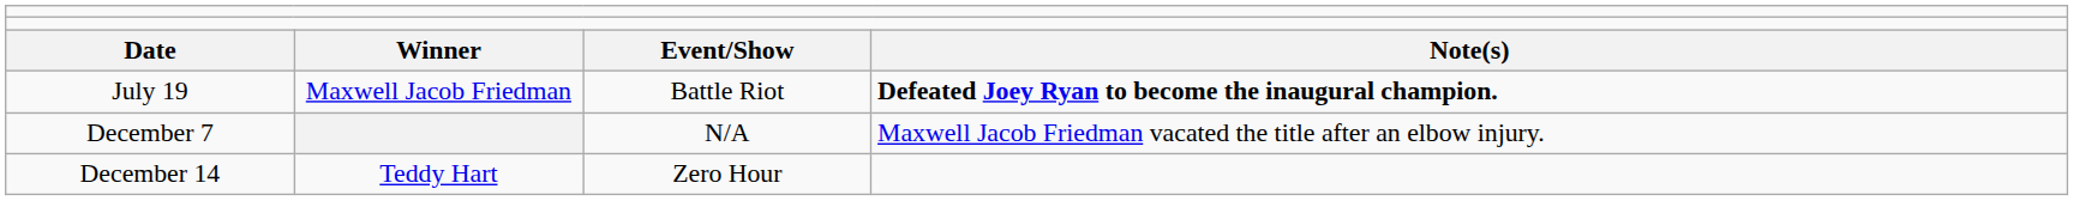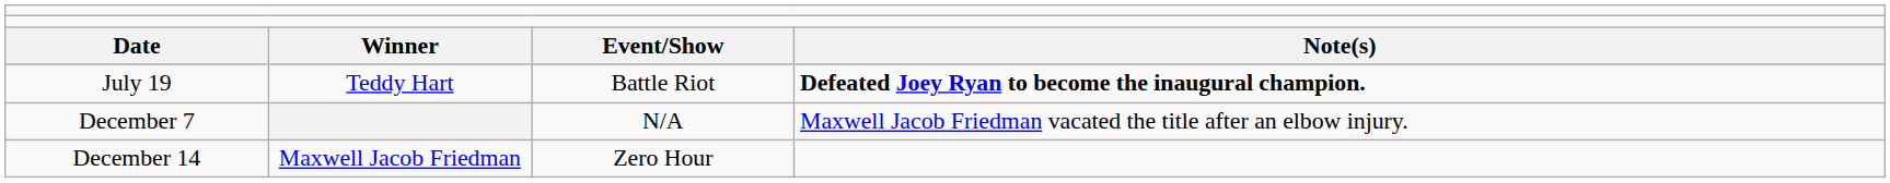 <table class="wikitable" style="text-align:center; width:100%;">
 <tr>
 <td colspan="5"></td>
 </tr>
 <tr>
 <td colspan="5"><strong></strong></td>
 </tr>
 <tr>
 <th width=14%>Date</th>
 <th width=14%>Winner</th>
 <th width=14%>Event/Show</th>
 <th width=58%>Note(s)</th>
 </tr>
 <tr>
 <td>July 19</td>
-<td><a href='#'>Maxwell Jacob Friedman</a></td>
+<td><a href='#'>Teddy Hart</a></td>
 <td>Battle Riot</td>
 <td align=left><strong>Defeated <a href='#'>Joey Ryan</a> to become the inaugural champion.</strong></td>
 </tr>
 <tr>
 <td>December 7</td>
 <th></th>
 <td>N/A</td>
 <td align=left><a href='#'>Maxwell Jacob Friedman</a> vacated the title after an elbow injury.</td>
 </tr>
 <tr>
 <td>December 14</td>
-<td><a href='#'>Teddy Hart</a></td>
+<td><a href='#'>Maxwell Jacob Friedman</a></td>
 <td>Zero Hour</td>
 <td align=left></td>
 </tr>
 </table>
